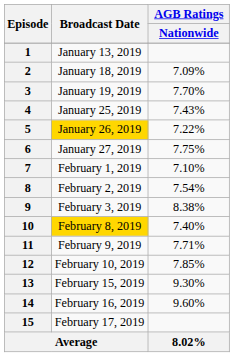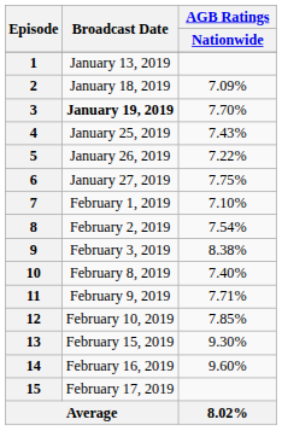 <table class=wikitable style="text-align:center; font-size:100%;" ;>
 <tr>
 <th rowspan="2" width=40>Episode</th>
 <th rowspan="2" width=120>Broadcast Date</th>
 <th colspan="1"><a href='#'>AGB Ratings</a></th>
 </tr>
 <tr>
 <th width=100><a href='#'>Nationwide</a></th>
 </tr>
 <tr>
 </tr>
 <tr>
 <th>1</th>
 <td>January 13, 2019</td>
 <td></td>
 </tr>
 <tr>
 <th>2</th>
 <td>January 18, 2019</td>
 <td>7.09%</td>
 </tr>
 <tr>
 <th>3</th>
-<td>January 19, 2019</td>
+<td><strong>January 19, 2019</strong></td>
 <td>7.70%</td>
 </tr>
 <tr>
 <th>4</th>
 <td>January 25, 2019</td>
 <td>7.43%</td>
 </tr>
 <tr>
 <th>5</th>
-<td style="background: gold;">January 26, 2019</td>
+<td>January 26, 2019</td>
 <td>7.22%</td>
 </tr>
 <tr>
 <th>6</th>
 <td>January 27, 2019</td>
 <td>7.75%</td>
 </tr>
 <tr>
 <th>7</th>
 <td>February 1, 2019</td>
 <td>7.10%</td>
 </tr>
 <tr>
 <th>8</th>
 <td>February 2, 2019</td>
 <td>7.54%</td>
 </tr>
 <tr>
 <th>9</th>
 <td>February 3, 2019</td>
 <td>8.38%</td>
 </tr>
 <tr>
 <th>10</th>
-<td style="background: gold;">February 8, 2019</td>
+<td>February 8, 2019</td>
 <td>7.40%</td>
 </tr>
 <tr>
 <th>11</th>
 <td>February 9, 2019</td>
 <td>7.71%</td>
 </tr>
 <tr>
 <th>12</th>
 <td>February 10, 2019</td>
 <td>7.85%</td>
 </tr>
 <tr>
 <th>13</th>
 <td>February 15, 2019</td>
 <td>9.30%</td>
 </tr>
 <tr>
 <th>14</th>
 <td>February 16, 2019</td>
 <td>9.60%</td>
 </tr>
 <tr>
 <th>15</th>
 <td>February 17, 2019</td>
 <td></td>
 </tr>
 <tr>
 <th colspan=2>Average</th>
 <th>8.02%</th>
 </tr>
 </table>
